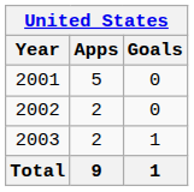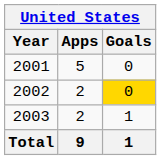 <table class="wikitable" style="text-align:center">
 <tr>
 <th colspan=3><a href='#'>United States</a></th>
 </tr>
 <tr>
 <th>Year</th>
 <th>Apps</th>
 <th>Goals</th>
 </tr>
 <tr>
 <td>2001</td>
 <td>5</td>
 <td>0</td>
 </tr>
 <tr>
 <td>2002</td>
 <td>2</td>
-<td>0</td>
+<td style="background: gold;">0</td>
 </tr>
 <tr>
 <td>2003</td>
 <td>2</td>
 <td>1</td>
 </tr>
 <tr>
 <th>Total</th>
 <th>9</th>
 <th>1</th>
 </tr>
 </table>
